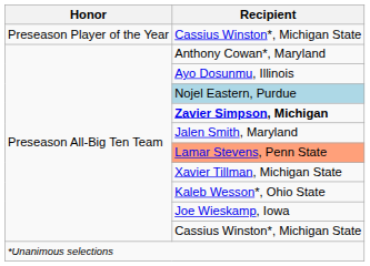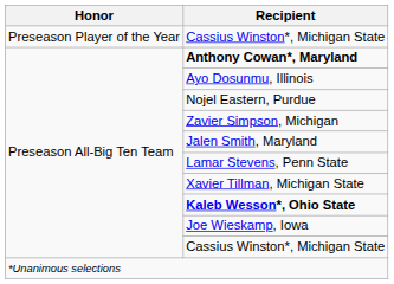 <table class="wikitable" border="1">
 <tr>
 <th>Honor</th>
 <th>Recipient</th>
 </tr>
 <tr>
 <td>Preseason Player of the Year</td>
 <td><a href='#'>Cassius Winston</a>*, Michigan State</td>
 </tr>
 <tr>
 <td rowspan=10 valign=middle>Preseason All-Big Ten Team</td>
-<td>Anthony Cowan*, Maryland</td>
+<td><strong>Anthony Cowan*, Maryland</strong></td>
 </tr>
 <tr>
 <td><a href='#'>Ayo Dosunmu</a>, Illinois</td>
 </tr>
 <tr>
-<td style="background: lightblue;">Nojel Eastern, Purdue</td>
+<td>Nojel Eastern, Purdue</td>
 </tr>
 <tr>
-<td><strong><a href='#'>Zavier Simpson</a>, Michigan</strong></td>
+<td><a href='#'>Zavier Simpson</a>, Michigan</td>
 </tr>
 <tr>
 <td><a href='#'>Jalen Smith</a>, Maryland</td>
 </tr>
 <tr>
-<td style="background: lightsalmon;"><a href='#'>Lamar Stevens</a>, Penn State</td>
+<td><a href='#'>Lamar Stevens</a>, Penn State</td>
 </tr>
 <tr>
 <td><a href='#'>Xavier Tillman</a>, Michigan State</td>
 </tr>
 <tr>
-<td><a href='#'>Kaleb Wesson</a>*, Ohio State</td>
+<td><strong><a href='#'>Kaleb Wesson</a>*, Ohio State</strong></td>
 </tr>
 <tr>
 <td><a href='#'>Joe Wieskamp</a>, Iowa</td>
 </tr>
 <tr>
 <td>Cassius Winston*, Michigan State</td>
 </tr>
 <tr>
 <td colspan="3" valign="middle"><small><em>*Unanimous selections</em></small></td>
 </tr>
 </table>
